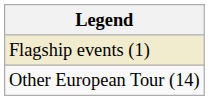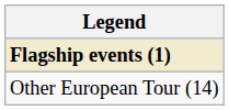 <table class="wikitable" style="font-size:95%;">
 <tr>
 <th>Legend</th>
 </tr>
 <tr style="background:#f2ecce;">
-<td>Flagship events (1)</td>
+<td><strong>Flagship events (1)</strong></td>
 </tr>
 <tr>
 <td>Other European Tour (14)</td>
 </tr>
 </table>
